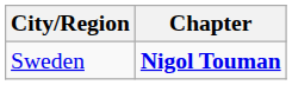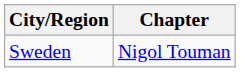 <table class="wikitable">
 <tr>
 <th>City/Region</th>
 <th>Chapter</th>
 </tr>
 <tr>
 <td><a href='#'>Sweden</a></td>
-<td><strong><a href='#'>Nigol Touman</a></strong></td>
+<td><a href='#'>Nigol Touman</a></td>
 </tr>
 </table>
